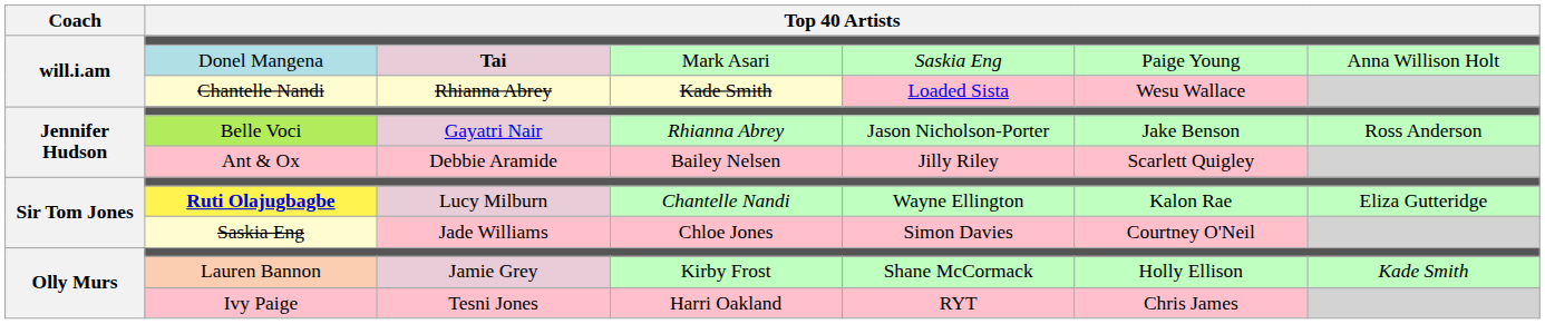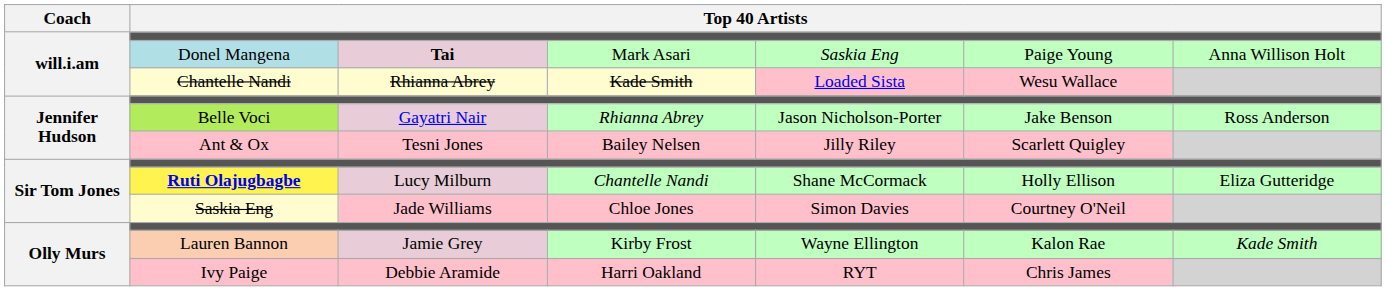 <table class="wikitable" style="text-align:center; width:100%;">
 <tr>
 <th scope="col" style="width:09%;">Coach</th>
 <th scope="col" colspan="6">Top 40 Artists</th>
 </tr>
 <tr>
 <th scope="row" rowspan="3">will.i.am</th>
 <td colspan="6" style="background:#555;"></td>
 </tr>
 <tr>
 <td style="background:#B0E0E6; width:15%">Donel Mangena</td>
 <td style="background:#E8CCD7; width:15%"><strong>Tai</strong></td>
 <td style="background:#BFFFC0; width:15%">Mark Asari</td>
 <td style="background:#BFFFC0; width:15%"><em>Saskia Eng</em></td>
 <td style="background:#BFFFC0; width:15%">Paige Young</td>
 <td style="background:#BFFFC0; width:15%">Anna Willison Holt</td>
 </tr>
 <tr>
 <td style="background:#FFFDD0;"><s>Chantelle Nandi</s></td>
 <td style="background:#FFFDD0;"><s>Rhianna Abrey</s></td>
 <td style="background:#FFFDD0;"><s>Kade Smith</s></td>
 <td style="background:pink;"><a href='#'>Loaded Sista</a></td>
 <td style="background:pink;">Wesu Wallace</td>
 <td style="background:lightgray;"></td>
 </tr>
 <tr>
 <th scope="row" rowspan="3">Jennifer Hudson</th>
 <td colspan="6" style="background:#555;"></td>
 </tr>
 <tr>
 <td style="background:#B2EC5D;">Belle Voci</td>
 <td style="background:#E8CCD7;"><a href='#'>Gayatri Nair</a></td>
 <td style="background:#BFFFC0;"><em>Rhianna Abrey</em></td>
 <td style="background:#BFFFC0;">Jason Nicholson-Porter</td>
 <td style="background:#BFFFC0;">Jake Benson</td>
 <td style="background:#BFFFC0;">Ross Anderson</td>
 </tr>
 <tr>
 <td style="background:pink;">Ant & Ox</td>
-<td style="background:pink;">Debbie Aramide</td>
+<td style="background:pink;">Tesni Jones</td>
 <td style="background:pink;">Bailey Nelsen</td>
 <td style="background:pink;">Jilly Riley</td>
 <td style="background:pink;">Scarlett Quigley</td>
 <td style="background:lightgray;"></td>
 </tr>
 <tr>
 <th scope="row" rowspan="3">Sir Tom Jones</th>
 <td colspan="6" style="background:#555;"></td>
 </tr>
 <tr>
 <td style="background:#FFF44F;"><strong><a href='#'>Ruti Olajugbagbe</a></strong></td>
 <td style="background:#E8CCD7;">Lucy Milburn</td>
 <td style="background:#BFFFC0;"><em>Chantelle Nandi</em></td>
-<td style="background:#BFFFC0;">Wayne Ellington</td>
-<td style="background:#BFFFC0;">Kalon Rae</td>
+<td style="background:#BFFFC0;">Shane McCormack</td>
+<td style="background:#BFFFC0;">Holly Ellison</td>
 <td style="background:#BFFFC0;">Eliza Gutteridge</td>
 </tr>
 <tr>
 <td style="background:#FFFDD0;"><s>Saskia Eng</s></td>
 <td style="background:pink;">Jade Williams</td>
 <td style="background:pink;">Chloe Jones</td>
 <td style="background:pink;">Simon Davies</td>
 <td style="background:pink;">Courtney O'Neil</td>
 <td style="background:lightgray;"></td>
 </tr>
 <tr>
 <th scope="row" rowspan="3">Olly Murs</th>
 <td colspan="6" style="background:#555;"></td>
 </tr>
 <tr>
 <td style="background:#FBCEB1;">Lauren Bannon</td>
 <td style="background:#E8CCD7;">Jamie Grey</td>
 <td style="background:#BFFFC0;">Kirby Frost</td>
-<td style="background:#BFFFC0;">Shane McCormack</td>
-<td style="background:#BFFFC0;">Holly Ellison</td>
+<td style="background:#BFFFC0;">Wayne Ellington</td>
+<td style="background:#BFFFC0;">Kalon Rae</td>
 <td style="background:#BFFFC0;"><em>Kade Smith</em></td>
 </tr>
 <tr>
 <td style="background:pink;">Ivy Paige</td>
-<td style="background:pink;">Tesni Jones</td>
+<td style="background:pink;">Debbie Aramide</td>
 <td style="background:pink;">Harri Oakland</td>
 <td style="background:pink;">RYT</td>
 <td style="background:pink;">Chris James</td>
 <td style="background:lightgray;"></td>
 </tr>
 </table>
